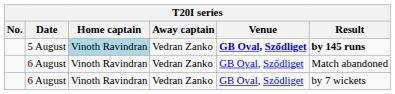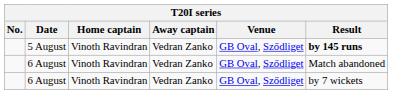 <table class="wikitable">
 <tr>
 <th colspan="9">T20I series</th>
 </tr>
 <tr>
 <th>No.</th>
 <th>Date</th>
 <th>Home captain</th>
 <th>Away captain</th>
 <th>Venue</th>
 <th>Result</th>
 </tr>
 <tr>
 <td></td>
 <td>5 August</td>
-<td style="background: lightblue;">Vinoth Ravindran</td>
+<td>Vinoth Ravindran</td>
 <td>Vedran Zanko</td>
-<td><strong><a href='#'>GB Oval</a>, <a href='#'>Sződliget</a></strong></td>
+<td><a href='#'>GB Oval</a>, <a href='#'>Sződliget</a></td>
 <td><strong> by 145 runs</strong></td>
 </tr>
 <tr>
 <td></td>
 <td>6 August</td>
 <td>Vinoth Ravindran</td>
 <td>Vedran Zanko</td>
 <td><a href='#'>GB Oval</a>, <a href='#'>Sződliget</a></td>
 <td>Match abandoned</td>
 </tr>
 <tr>
 <td></td>
 <td>6 August</td>
 <td>Vinoth Ravindran</td>
 <td>Vedran Zanko</td>
 <td><a href='#'>GB Oval</a>, <a href='#'>Sződliget</a></td>
 <td> by 7 wickets</td>
 </tr>
 </table>
